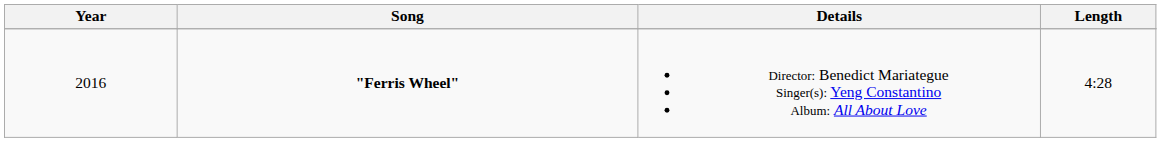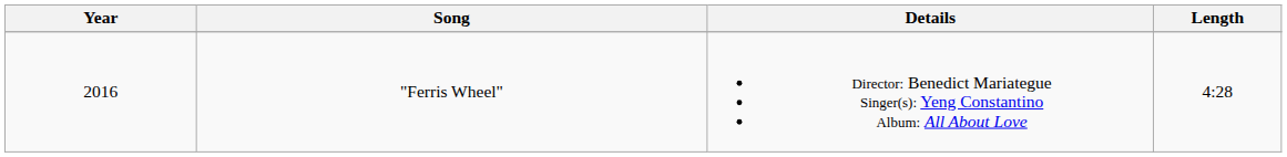 <table class="wikitable plainrowheaders" style="width:75%; text-align:center">
 <tr>
 <th width=15%>Year</th>
 <th width=40%>Song</th>
 <th width=35%>Details</th>
 <th width=10%>Length</th>
 </tr>
 <tr>
 </tr>
 <tr>
 <td>2016</td>
-<td><strong>"Ferris Wheel"</strong></td>
+<td>"Ferris Wheel"</td>
 <td><br><ul><li><small>Director:</small> Benedict Mariategue</li><li><small>Singer(s):</small> <a href='#'>Yeng Constantino</a></li><li><small>Album:</small> <em><a href='#'>All About Love</a></em></li></ul></td>
 <td>4:28</td>
 </tr>
 </table>
